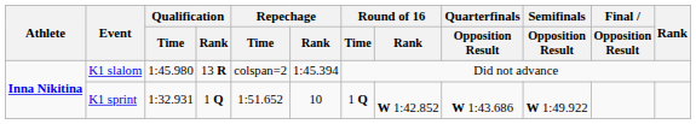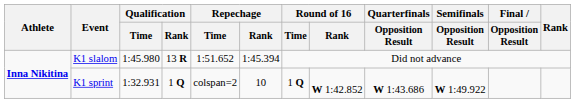 <table class="wikitable" style="font-size:90%;">
 <tr>
 <th rowspan=2>Athlete</th>
 <th rowspan=2>Event</th>
 <th colspan=2>Qualification</th>
 <th colspan=2>Repechage</th>
 <th colspan=2>Round of 16</th>
 <th>Quarterfinals</th>
 <th>Semifinals</th>
 <th>Final / </th>
 <th rowspan=2>Rank</th>
 </tr>
 <tr style="font-size:95%">
 <th>Time</th>
 <th>Rank</th>
 <th>Time</th>
 <th>Rank</th>
 <th>Time</th>
 <th>Rank</th>
 <th>Opposition<br>Result</th>
 <th>Opposition<br>Result</th>
 <th>Opposition<br>Result</th>
 </tr>
 <tr align=center>
 <td rowspan=2 align=left><strong><a href='#'>Inna Nikitina</a></strong></td>
 <td align=left><a href='#'>K1 slalom</a></td>
 <td>1:45.980</td>
 <td>13 <strong>R</strong></td>
-<td>colspan=2 </td>
+<td>1:51.652</td>
 <td>1:45.394</td>
 <td colspan=6>Did not advance</td>
 </tr>
 <tr align=center>
 <td align=left><a href='#'>K1 sprint</a></td>
 <td>1:32.931</td>
 <td>1 <strong>Q</strong></td>
-<td>1:51.652</td>
+<td>colspan=2 </td>
 <td>10</td>
 <td>1 <strong>Q</strong></td>
 <td><br><strong>W</strong> 1:42.852</td>
 <td><br><strong>W</strong> 1:43.686</td>
 <td><br><strong>W</strong> 1:49.922</td>
 <td></td>
 </tr>
 </table>
